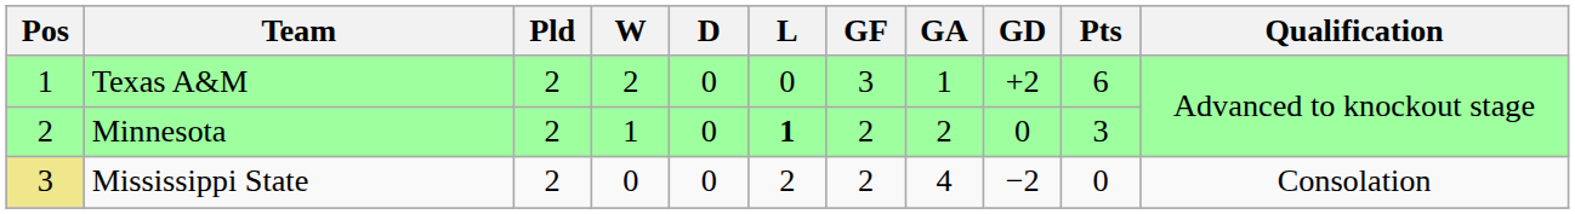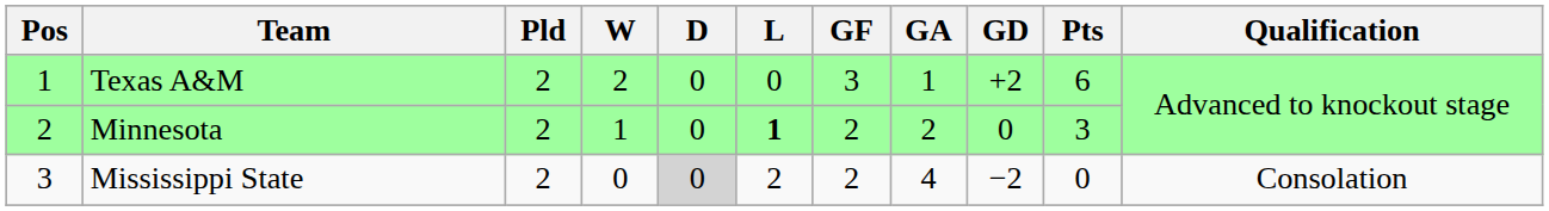 <table class="wikitable" style="text-align:center; margin: 1em auto">
 <tr>
 <th style="width:2em">Pos</th>
 <th style="width:13em">Team</th>
 <th style="width:2em">Pld</th>
 <th style="width:2em">W</th>
 <th style="width:2em">D</th>
 <th style="width:2em">L</th>
 <th style="width:2em">GF</th>
 <th style="width:2em">GA</th>
 <th style="width:2em">GD</th>
 <th style="width:2em">Pts</th>
 <th style="width:13em">Qualification</th>
 </tr>
 <tr bgcolor="#9eff9e">
 <td>1</td>
 <td style="text-align:left">Texas A&M</td>
 <td>2</td>
 <td>2</td>
 <td>0</td>
 <td>0</td>
 <td>3</td>
 <td>1</td>
 <td>+2</td>
 <td>6</td>
 <td rowspan="2">Advanced to knockout stage</td>
 </tr>
 <tr bgcolor="#9eff9e">
 <td>2</td>
 <td style="text-align:left">Minnesota</td>
 <td>2</td>
 <td>1</td>
 <td>0</td>
 <td><strong>1</strong></td>
 <td>2</td>
 <td>2</td>
 <td>0</td>
 <td>3</td>
 </tr>
 <tr>
-<td style="background: khaki;">3</td>
+<td>3</td>
 <td style="text-align:left">Mississippi State</td>
 <td>2</td>
 <td>0</td>
-<td>0</td>
+<td style="background: lightgrey;">0</td>
 <td>2</td>
 <td>2</td>
 <td>4</td>
 <td>−2</td>
 <td>0</td>
 <td>Consolation</td>
 </tr>
 </table>
